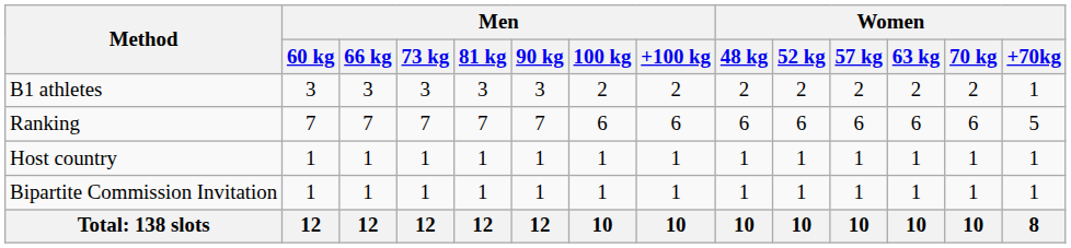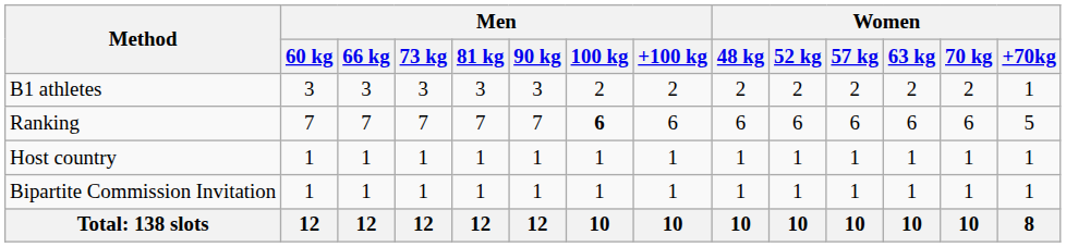 <table class="wikitable" style="text-align:center; font-size:90%">
 <tr>
 <th rowspan=2>Method</th>
 <th colspan=7>Men</th>
 <th colspan=6>Women</th>
 </tr>
 <tr>
 <th><a href='#'>60 kg</a></th>
 <th><a href='#'>66 kg</a></th>
 <th><a href='#'>73 kg</a></th>
 <th><a href='#'>81 kg</a></th>
 <th><a href='#'>90 kg</a></th>
 <th><a href='#'>100 kg</a></th>
 <th><a href='#'>+100 kg</a></th>
 <th><a href='#'>48 kg</a></th>
 <th><a href='#'>52 kg</a></th>
 <th><a href='#'>57 kg</a></th>
 <th><a href='#'>63 kg</a></th>
 <th><a href='#'>70 kg</a></th>
 <th><a href='#'>+70kg</a></th>
 </tr>
 <tr>
 <td style="text-align:left;">B1 athletes</td>
 <td>3</td>
 <td>3</td>
 <td>3</td>
 <td>3</td>
 <td>3</td>
 <td>2</td>
 <td>2</td>
 <td>2</td>
 <td>2</td>
 <td>2</td>
 <td>2</td>
 <td>2</td>
 <td>1</td>
 </tr>
 <tr>
 <td style="text-align:left;">Ranking</td>
 <td>7</td>
 <td>7</td>
 <td>7</td>
 <td>7</td>
 <td>7</td>
-<td>6</td>
+<td><strong>6</strong></td>
 <td>6</td>
 <td>6</td>
 <td>6</td>
 <td>6</td>
 <td>6</td>
 <td>6</td>
 <td>5</td>
 </tr>
 <tr>
 <td style="text-align:left;">Host country</td>
 <td>1</td>
 <td>1</td>
 <td>1</td>
 <td>1</td>
 <td>1</td>
 <td>1</td>
 <td>1</td>
 <td>1</td>
 <td>1</td>
 <td>1</td>
 <td>1</td>
 <td>1</td>
 <td>1</td>
 </tr>
 <tr>
 <td style="text-align:left;">Bipartite Commission Invitation</td>
 <td>1</td>
 <td>1</td>
 <td>1</td>
 <td>1</td>
 <td>1</td>
 <td>1</td>
 <td>1</td>
 <td>1</td>
 <td>1</td>
 <td>1</td>
 <td>1</td>
 <td>1</td>
 <td>1</td>
 </tr>
 <tr>
 <th>Total: 138 slots</th>
 <th>12</th>
 <th>12</th>
 <th>12</th>
 <th>12</th>
 <th>12</th>
 <th>10</th>
 <th>10</th>
 <th>10</th>
 <th>10</th>
 <th>10</th>
 <th>10</th>
 <th>10</th>
 <th>8</th>
 </tr>
 </table>
